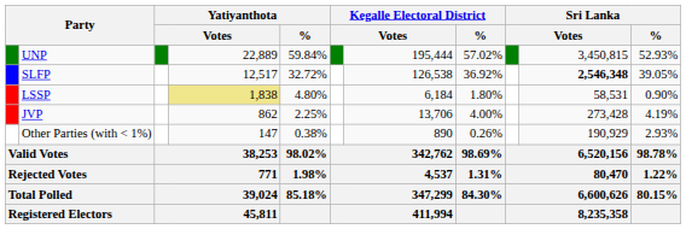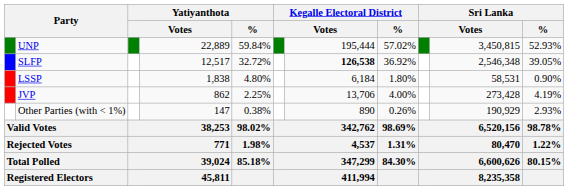 <table class="wikitable">
 <tr>
 <th colspan="2" width="144px"rowspan="2">Party</th>
 <th colspan="3" width="216px">Yatiyanthota</th>
 <th colspan="3" width="216px"><a href='#'>Kegalle Electoral District</a></th>
 <th colspan="3" width="216px">Sri Lanka</th>
 </tr>
 <tr>
 <th colspan="2" width="144px">Votes</th>
 <th>%</th>
 <th colspan="2" width="144px">Votes</th>
 <th>%</th>
 <th colspan="2" width="144px">Votes</th>
 <th>%</th>
 </tr>
 <tr>
 <td style="background-color:green;" width="10px"></td>
 <td style="text-align:left;"><a href='#'>UNP</a></td>
 <td style="background-color:green;" width="10px"></td>
 <td style="text-align:right;">22,889</td>
 <td style="text-align:right;">59.84%</td>
 <td style="background-color:green;" width="10px"></td>
 <td style="text-align:right;">195,444</td>
 <td style="text-align:right;">57.02%</td>
 <td style="background-color:green;" width="10px"></td>
 <td style="text-align:right;">3,450,815</td>
 <td style="text-align:right;">52.93%</td>
 </tr>
 <tr>
 <td style="background-color:blue;" width="10px"></td>
 <td style="text-align:left;"><a href='#'>SLFP</a></td>
 <td style="background-color:white;" width="10px"></td>
 <td style="text-align:right;">12,517</td>
 <td style="text-align:right;">32.72%</td>
 <td style="background-color:white;" width="10px"></td>
-<td style="text-align:right;">126,538</td>
+<td style="text-align:right;"><strong>126,538</strong></td>
 <td style="text-align:right;">36.92%</td>
 <td style="background-color:white;" width="10px"></td>
-<td style="text-align:right;"><strong>2,546,348</strong></td>
+<td style="text-align:right;">2,546,348</td>
 <td style="text-align:right;">39.05%</td>
 </tr>
 <tr>
 <td style="background-color:red;" width="10px"></td>
 <td style="text-align:left;"><a href='#'>LSSP</a></td>
 <td style="background-color:white;" width="10px"></td>
-<td style="background: khaki; text-align:right;">1,838</td>
+<td style="text-align:right;">1,838</td>
 <td style="text-align:right;">4.80%</td>
 <td style="background-color:white;" width="10px"></td>
 <td style="text-align:right;">6,184</td>
 <td style="text-align:right;">1.80%</td>
 <td style="background-color:white;" width="10px"></td>
 <td style="text-align:right;">58,531</td>
 <td style="text-align:right;">0.90%</td>
 </tr>
 <tr>
 <td style="background-color:red;" width="10px"></td>
 <td style="text-align:left;"><a href='#'>JVP</a></td>
 <td style="background-color:white;" width="10px"></td>
 <td style="text-align:right;">862</td>
 <td style="text-align:right;">2.25%</td>
 <td style="background-color:white;" width="10px"></td>
 <td style="text-align:right;">13,706</td>
 <td style="text-align:right;">4.00%</td>
 <td style="background-color:white;" width="10px"></td>
 <td style="text-align:right;">273,428</td>
 <td style="text-align:right;">4.19%</td>
 </tr>
 <tr>
 <td style="background-color:white;" width="10px"></td>
 <td style="text-align:left;">Other Parties (with < 1%)</td>
 <td style="background-color:white;" width="10px"></td>
 <td style="text-align:right;">147</td>
 <td style="text-align:right;">0.38%</td>
 <td style="background-color:white;" width="10px"></td>
 <td style="text-align:right;">890</td>
 <td style="text-align:right;">0.26%</td>
 <td style="background-color:white;" width="10px"></td>
 <td style="text-align:right;">190,929</td>
 <td style="text-align:right;">2.93%</td>
 </tr>
 <tr>
 <th colspan="2" width="144px"style="text-align:left;">Valid Votes</th>
 <th style="text-align:right;"colspan="2" width="144px">38,253</th>
 <th style="text-align:right;">98.02%</th>
 <th style="text-align:right;"colspan="2" width="144px">342,762</th>
 <th style="text-align:right;">98.69%</th>
 <th style="text-align:right;"colspan="2" width="144px">6,520,156</th>
 <th style="text-align:right;">98.78%</th>
 </tr>
 <tr>
 <th colspan="2" width="144px"style="text-align:left;">Rejected Votes</th>
 <th style="text-align:right;"colspan="2" width="144px">771</th>
 <th style="text-align:right;">1.98%</th>
 <th style="text-align:right;"colspan="2" width="144px">4,537</th>
 <th style="text-align:right;">1.31%</th>
 <th style="text-align:right;"colspan="2" width="144px">80,470</th>
 <th style="text-align:right;">1.22%</th>
 </tr>
 <tr>
 <th colspan="2" width="144px"style="text-align:left;">Total Polled</th>
 <th style="text-align:right;"colspan="2" width="144px">39,024</th>
 <th style="text-align:right;">85.18%</th>
 <th style="text-align:right;"colspan="2" width="144px">347,299</th>
 <th style="text-align:right;">84.30%</th>
 <th style="text-align:right;"colspan="2" width="144px">6,600,626</th>
 <th style="text-align:right;">80.15%</th>
 </tr>
 <tr>
 <th colspan="2" width="144px"style="text-align:left;">Registered Electors</th>
 <th style="text-align:right;"colspan="2" width="144px">45,811</th>
 <th></th>
 <th style="text-align:right;"colspan="2" width="144px">411,994</th>
 <th></th>
 <th style="text-align:right;"colspan="2" width="144px">8,235,358</th>
 <th></th>
 </tr>
 </table>
